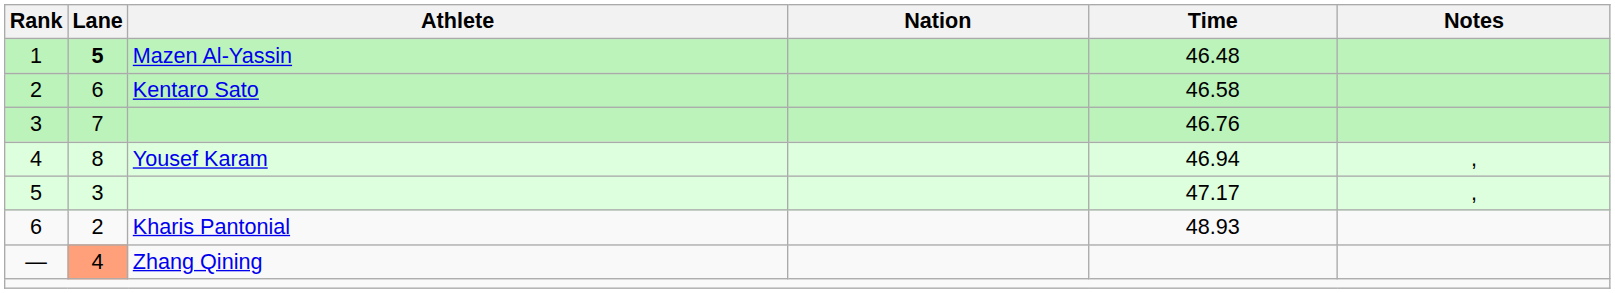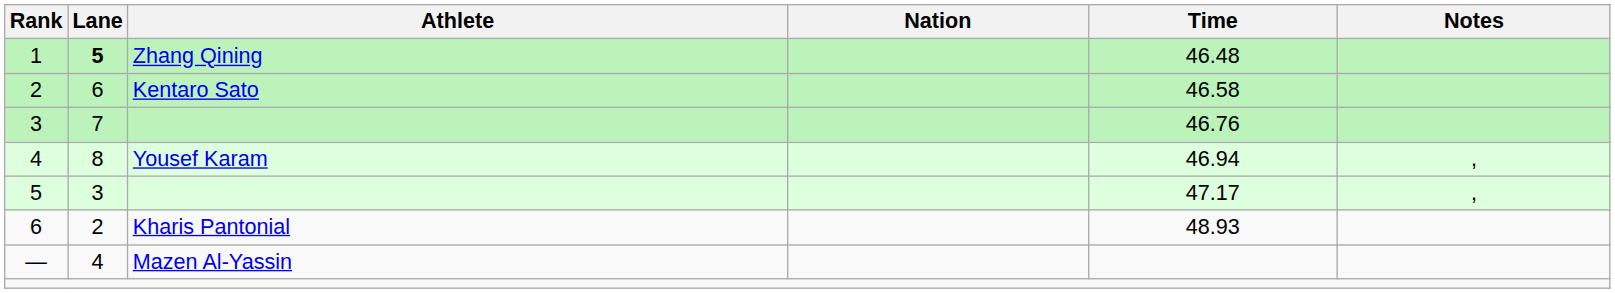 <table class="wikitable sortable" style="text-align:center;width: 60%;">
 <tr>
 <th scope="col" style="width: 10px;">Rank</th>
 <th scope="col" style="width: 10px;">Lane</th>
 <th scope="col">Athlete</th>
 <th scope="col">Nation</th>
 <th scope="col">Time</th>
 <th scope="col">Notes</th>
 </tr>
 <tr bgcolor=bbf3bb>
 <td>1</td>
 <td><strong>5</strong></td>
-<td align="left"><a href='#'>Mazen Al-Yassin</a></td>
+<td align="left"><a href='#'>Zhang Qining</a></td>
 <td align="left"></td>
 <td>46.48</td>
 <td></td>
 </tr>
 <tr bgcolor=bbf3bb>
 <td>2</td>
 <td>6</td>
 <td align="left"><a href='#'>Kentaro Sato</a></td>
 <td align="left"></td>
 <td>46.58</td>
 <td></td>
 </tr>
 <tr bgcolor=bbf3bb>
 <td>3</td>
 <td>7</td>
 <td align="left"></td>
 <td align="left"></td>
 <td>46.76</td>
 <td></td>
 </tr>
 <tr bgcolor=ddffdd>
 <td>4</td>
 <td>8</td>
 <td align="left"><a href='#'>Yousef Karam</a></td>
 <td align="left"></td>
 <td>46.94</td>
 <td>, </td>
 </tr>
 <tr bgcolor=ddffdd>
 <td>5</td>
 <td>3</td>
 <td align="left"></td>
 <td align="left"></td>
 <td>47.17</td>
 <td>, </td>
 </tr>
 <tr>
 <td>6</td>
 <td>2</td>
 <td align="left"><a href='#'>Kharis Pantonial</a></td>
 <td align="left"></td>
 <td>48.93</td>
 <td></td>
 </tr>
 <tr>
 <td>—</td>
-<td style="background: lightsalmon;">4</td>
-<td align="left"><a href='#'>Zhang Qining</a></td>
+<td>4</td>
+<td align="left"><a href='#'>Mazen Al-Yassin</a></td>
 <td align="left"></td>
 <td></td>
 <td></td>
 </tr>
 <tr class="sortbottom">
 <td colspan="6"></td>
 </tr>
 </table>
